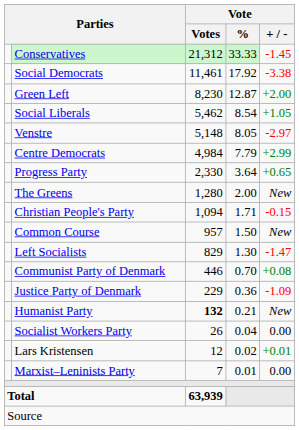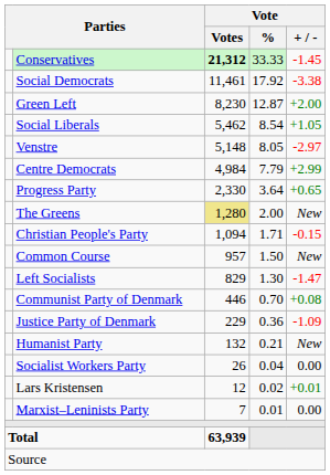 <table class="wikitable" style="text-align:right;">
 <tr>
 <th style="text-align:centre;" rowspan="2" colspan="2" width="225">Parties</th>
 <th colspan="3">Vote</th>
 </tr>
 <tr>
 <th width="15">Votes</th>
 <th width="15">%</th>
 <th width="15">+ / -</th>
 </tr>
 <tr>
 <td width="2" style="color:inherit;background:"></td>
 <td bgcolor=#ccf7cc  align="left"><a href='#'>Conservatives</a></td>
-<td bgcolor=#ccf7cc>21,312</td>
+<td bgcolor=#ccf7cc><strong>21,312</strong></td>
 <td bgcolor=#ccf7cc>33.33</td>
 <td style=color:red;>-1.45</td>
 </tr>
 <tr>
 <td width="2" style="color:inherit;background:"></td>
 <td align="left"><a href='#'>Social Democrats</a></td>
 <td>11,461</td>
 <td>17.92</td>
 <td style=color:red;>-3.38</td>
 </tr>
 <tr>
 <td width="2" style="color:inherit;background:"></td>
 <td align="left"><a href='#'>Green Left</a></td>
 <td>8,230</td>
 <td>12.87</td>
 <td style=color:green;>+2.00</td>
 </tr>
 <tr>
 <td width="2" style="color:inherit;background:"></td>
 <td align="left"><a href='#'>Social Liberals</a></td>
 <td>5,462</td>
 <td>8.54</td>
 <td style=color:green;>+1.05</td>
 </tr>
 <tr>
 <td width="2" style="color:inherit;background:"></td>
 <td align="left"><a href='#'>Venstre</a></td>
 <td>5,148</td>
 <td>8.05</td>
 <td style=color:red;>-2.97</td>
 </tr>
 <tr>
 <td width="2" style="color:inherit;background:"></td>
 <td align="left"><a href='#'>Centre Democrats</a></td>
 <td>4,984</td>
 <td>7.79</td>
 <td style=color:green;>+2.99</td>
 </tr>
 <tr>
 <td width="2" style="color:inherit;background:"></td>
 <td align="left"><a href='#'>Progress Party</a></td>
 <td>2,330</td>
 <td>3.64</td>
 <td style=color:green;>+0.65</td>
 </tr>
 <tr>
 <td width="2" style="color:inherit;background:"></td>
 <td align="left"><a href='#'>The Greens</a></td>
-<td>1,280</td>
+<td style="background: khaki;">1,280</td>
 <td>2.00</td>
 <td><em>New</em></td>
 </tr>
 <tr>
 <td width="2" style="color:inherit;background:"></td>
 <td align="left"><a href='#'>Christian People's Party</a></td>
 <td>1,094</td>
 <td>1.71</td>
 <td style=color:red;>-0.15</td>
 </tr>
 <tr>
 <td width="2" style="color:inherit;background:"></td>
 <td align="left"><a href='#'>Common Course</a></td>
 <td>957</td>
 <td>1.50</td>
 <td><em>New</em></td>
 </tr>
 <tr>
 <td width="2" style="color:inherit;background:"></td>
 <td align="left"><a href='#'>Left Socialists</a></td>
 <td>829</td>
 <td>1.30</td>
 <td style=color:red;>-1.47</td>
 </tr>
 <tr>
 <td width="2" style="color:inherit;background:"></td>
 <td align="left"><a href='#'>Communist Party of Denmark</a></td>
 <td>446</td>
 <td>0.70</td>
 <td style=color:green;>+0.08</td>
 </tr>
 <tr>
 <td width="2" style="color:inherit;background:"></td>
 <td align="left"><a href='#'>Justice Party of Denmark</a></td>
 <td>229</td>
 <td>0.36</td>
 <td style=color:red;>-1.09</td>
 </tr>
 <tr>
 <td width="2" style="color:inherit;background:"></td>
 <td align="left"><a href='#'>Humanist Party</a></td>
-<td><strong>132</strong></td>
+<td>132</td>
 <td>0.21</td>
 <td><em>New</em></td>
 </tr>
 <tr>
 <td width="2" style="color:inherit;background:"></td>
 <td align="left"><a href='#'>Socialist Workers Party</a></td>
 <td>26</td>
 <td>0.04</td>
 <td>0.00</td>
 </tr>
 <tr>
 <td width="2" style="color:inherit;background:"></td>
 <td align="left">Lars Kristensen</td>
 <td>12</td>
 <td>0.02</td>
 <td style=color:green;>+0.01</td>
 </tr>
 <tr>
 <td width="2" style="color:inherit;background:"></td>
 <td align="left"><a href='#'>Marxist–Leninists Party</a></td>
 <td>7</td>
 <td>0.01</td>
 <td>0.00</td>
 </tr>
 <tr>
 <td colspan="7" bgcolor="#E9E9E9"></td>
 </tr>
 <tr>
 <td align="left" colspan="2"><strong>Total</strong></td>
 <td><strong>63,939</strong></td>
 <td bgcolor="#E9E9E9" colspan="2"></td>
 </tr>
 <tr>
 <td align="left" colspan="6">Source</td>
 </tr>
 </table>
